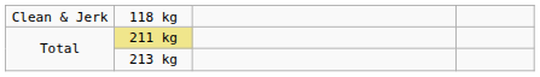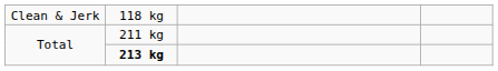 <table class = "wikitable" style="text-align:center;">
 <tr>
 <td width=100>Clean & Jerk</td>
 <td width=70>118 kg</td>
 <td width=250 align=left></td>
 <td width=70></td>
 </tr>
 <tr>
 <td rowspan=2>Total</td>
-<td style="background: khaki;">211 kg</td>
+<td>211 kg</td>
 <td align=left></td>
 <td></td>
 </tr>
 <tr>
-<td>213 kg</td>
+<td><strong>213 kg</strong></td>
 <td align=left></td>
 <td></td>
 </tr>
 </table>
